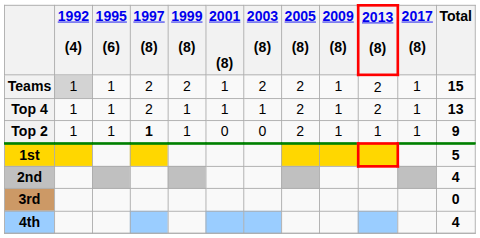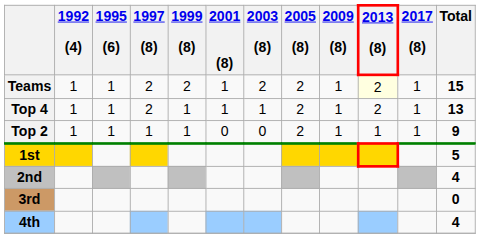 <table class="wikitable" style="text-align: center">
 <tr valign=top>
 <th></th>
 <th><a href='#'>1992</a><br><br>(4)</th>
 <th><a href='#'>1995</a><br><br>(6)</th>
 <th><a href='#'>1997</a><br><br>(8)</th>
 <th><a href='#'>1999</a><br><br>(8)</th>
 <th><a href='#'>2001</a><br><br><br>(8)</th>
 <th><a href='#'>2003</a><br><br>(8)</th>
 <th><a href='#'>2005</a><br><br>(8)</th>
 <th><a href='#'>2009</a><br><br>(8)</th>
 <th style="border:3px solid red"><a href='#'>2013</a><br><br>(8)</th>
 <th><a href='#'>2017</a><br><br>(8)</th>
 <th>Total</th>
 </tr>
 <tr>
 <th>Teams</th>
-<td style="background: lightgrey;">1</td>
+<td>1</td>
 <td>1</td>
 <td>2</td>
 <td>2</td>
 <td>1</td>
 <td>2</td>
 <td>2</td>
 <td>1</td>
-<td>2</td>
+<td style="background: lightyellow;">2</td>
 <td>1</td>
 <td><strong>15</strong></td>
 </tr>
 <tr>
 <th>Top 4</th>
 <td>1</td>
 <td>1</td>
 <td>2</td>
 <td>1</td>
 <td>1</td>
 <td>1</td>
 <td>2</td>
 <td>1</td>
 <td>2</td>
 <td>1</td>
 <td><strong>13</strong></td>
 </tr>
 <tr>
 <th>Top 2</th>
 <td>1</td>
 <td>1</td>
-<td><strong>1</strong></td>
+<td>1</td>
 <td>1</td>
 <td>0</td>
 <td>0</td>
 <td>2</td>
 <td>1</td>
 <td>1</td>
 <td>1</td>
 <td><strong>9</strong></td>
 </tr>
 <tr>
 </tr>
 <tr style="border-top:3px solid green;">
 <th style="background-color:gold">1st</th>
 <td bgcolor=gold></td>
 <td></td>
 <td bgcolor=gold></td>
 <td></td>
 <td></td>
 <td></td>
 <td bgcolor=gold></td>
 <td bgcolor=gold></td>
 <td bgcolor=gold style="border: 3px solid red"></td>
 <td></td>
 <td><strong>5</strong></td>
 </tr>
 <tr>
 <th style="background-color:silver">2nd</th>
 <td></td>
 <td bgcolor=silver></td>
 <td></td>
 <td bgcolor=silver></td>
 <td></td>
 <td></td>
 <td bgcolor=silver></td>
 <td></td>
 <td></td>
 <td bgcolor=silver></td>
 <td><strong>4</strong></td>
 </tr>
 <tr>
 <th style="background-color:#cc9966">3rd</th>
 <td></td>
 <td></td>
 <td></td>
 <td></td>
 <td></td>
 <td></td>
 <td></td>
 <td></td>
 <td></td>
 <td></td>
 <td><strong>0</strong></td>
 </tr>
 <tr>
 <th style="background-color:#9acdff">4th</th>
 <td></td>
 <td></td>
 <td bgcolor=#9acdff></td>
 <td></td>
 <td bgcolor=#9acdff></td>
 <td bgcolor=#9acdff></td>
 <td></td>
 <td></td>
 <td bgcolor=#9acdff></td>
 <td></td>
 <td><strong>4</strong></td>
 </tr>
 <tr>
 </tr>
 </table>
